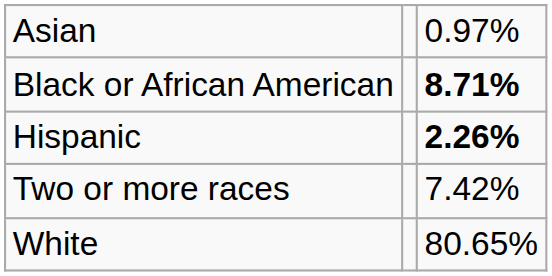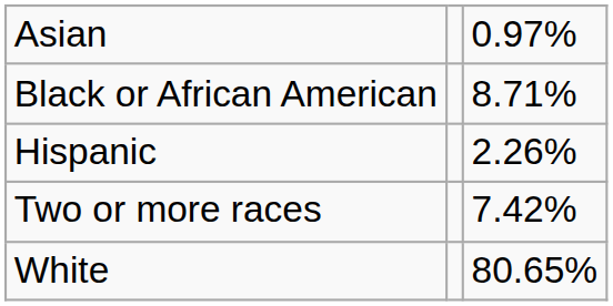 <table class="wikitable">
 <tr>
 <td>Asian</td>
 <td></td>
 <td>0.97%</td>
 </tr>
 <tr>
 <td>Black or African American</td>
 <td></td>
-<td><strong>8.71%</strong></td>
+<td>8.71%</td>
 </tr>
 <tr>
 <td>Hispanic</td>
 <td></td>
-<td><strong>2.26%</strong></td>
+<td>2.26%</td>
 </tr>
 <tr>
 <td>Two or more races</td>
 <td></td>
 <td>7.42%</td>
 </tr>
 <tr>
 <td>White</td>
 <td></td>
 <td>80.65%</td>
 </tr>
 </table>
